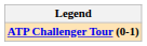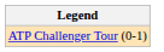 <table class=wikitable>
 <tr>
 <th>Legend</th>
 </tr>
 <tr bgcolor=moccasin>
-<td><strong><a href='#'>ATP Challenger Tour</a> (0-1)</strong></td>
+<td><a href='#'>ATP Challenger Tour</a> (0-1)</td>
 </tr>
 </table>
